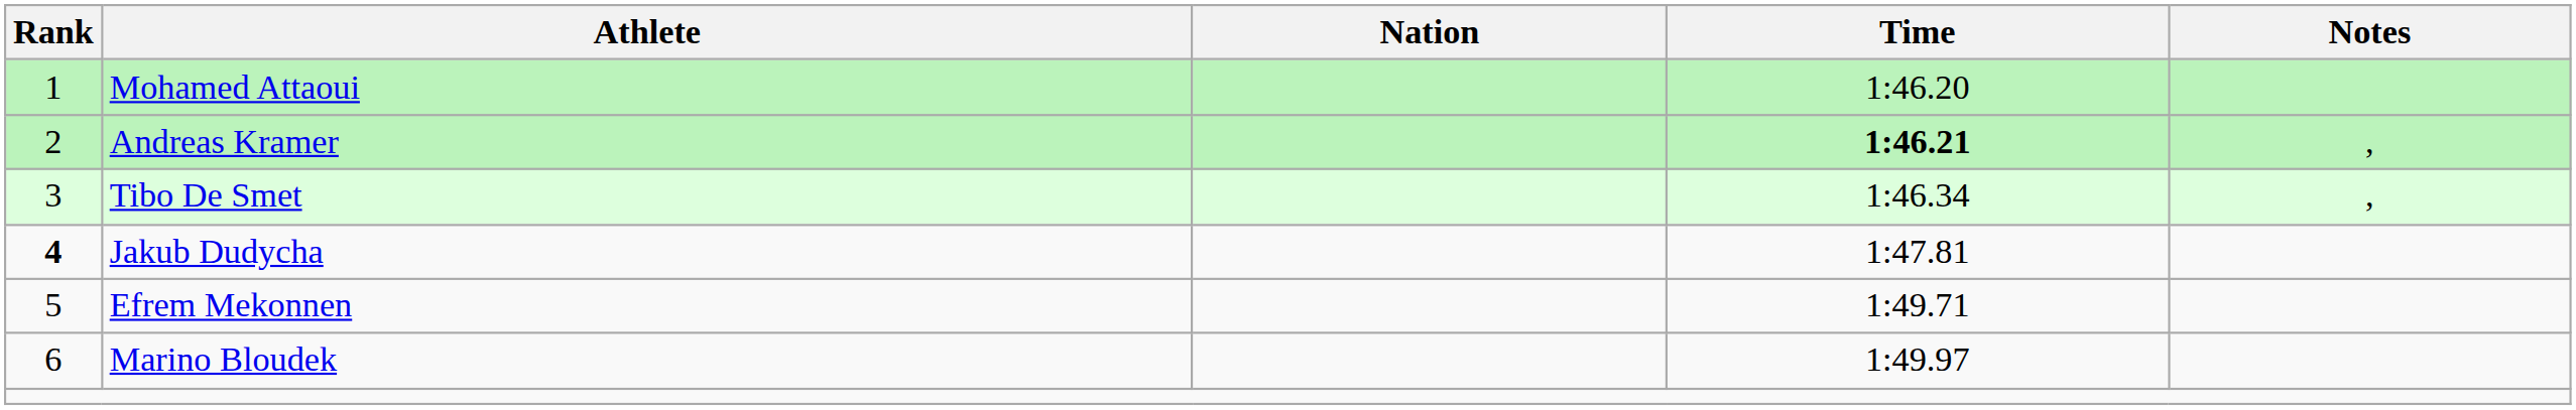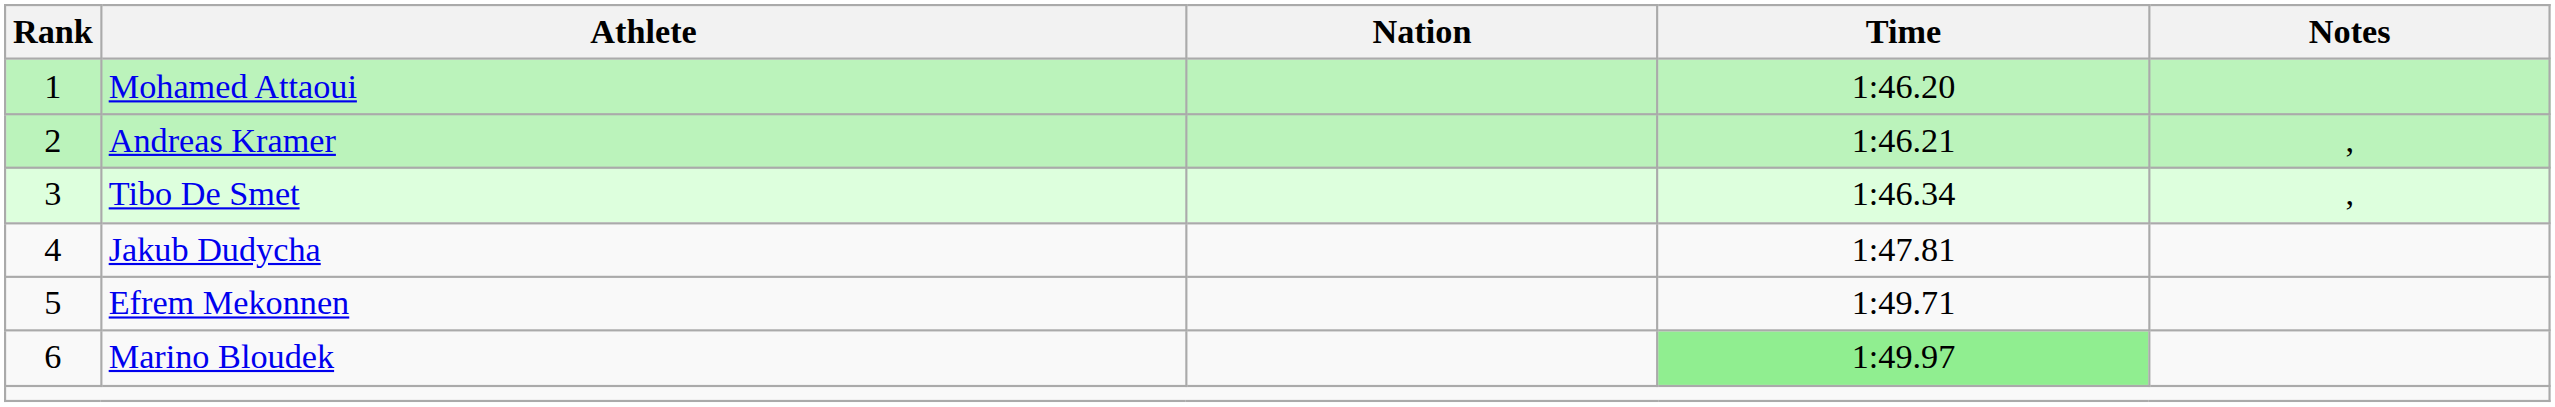 <table class="wikitable sortable" style="text-align:center;width: 60%;">
 <tr>
 <th scope="col" style="width: 10px;">Rank</th>
 <th scope="col">Athlete</th>
 <th scope="col">Nation</th>
 <th scope="col">Time</th>
 <th scope="col">Notes</th>
 </tr>
 <tr bgcolor=bbf3bb>
 <td>1</td>
 <td align=left><a href='#'>Mohamed Attaoui</a></td>
 <td align=left></td>
 <td>1:46.20</td>
 <td></td>
 </tr>
 <tr bgcolor=bbf3bb>
 <td>2</td>
 <td align=left><a href='#'>Andreas Kramer</a></td>
 <td align=left></td>
-<td><strong>1:46.21</strong></td>
+<td>1:46.21</td>
 <td>, </td>
 </tr>
 <tr bgcolor=ddffdd>
 <td>3</td>
 <td align=left><a href='#'>Tibo De Smet</a></td>
 <td align=left></td>
 <td>1:46.34</td>
 <td>, </td>
 </tr>
 <tr>
-<td><strong>4</strong></td>
+<td>4</td>
 <td align=left><a href='#'>Jakub Dudycha</a></td>
 <td align=left></td>
 <td>1:47.81</td>
 <td></td>
 </tr>
 <tr>
 <td>5</td>
 <td align=left><a href='#'>Efrem Mekonnen</a></td>
 <td align=left></td>
 <td>1:49.71</td>
 <td></td>
 </tr>
 <tr>
 <td>6</td>
 <td align=left><a href='#'>Marino Bloudek</a></td>
 <td align=left></td>
-<td>1:49.97</td>
+<td style="background: lightgreen;">1:49.97</td>
 <td></td>
 </tr>
 <tr class="sortbottom">
 <td colspan="5"></td>
 </tr>
 </table>
